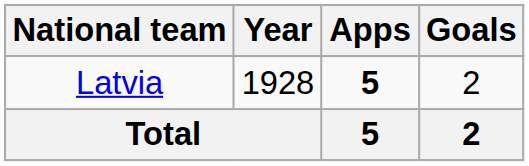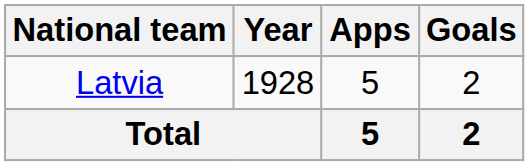 <table class=wikitable style=text-align:center>
 <tr>
 <th>National team</th>
 <th>Year</th>
 <th>Apps</th>
 <th>Goals</th>
 </tr>
 <tr>
 <td rowspan=2><a href='#'>Latvia</a></td>
 </tr>
 <tr>
 <td>1928</td>
-<td><strong>5</strong></td>
+<td>5</td>
 <td>2</td>
 </tr>
 <tr>
 <th colspan=2>Total</th>
 <th>5</th>
 <th>2</th>
 </tr>
 </table>
